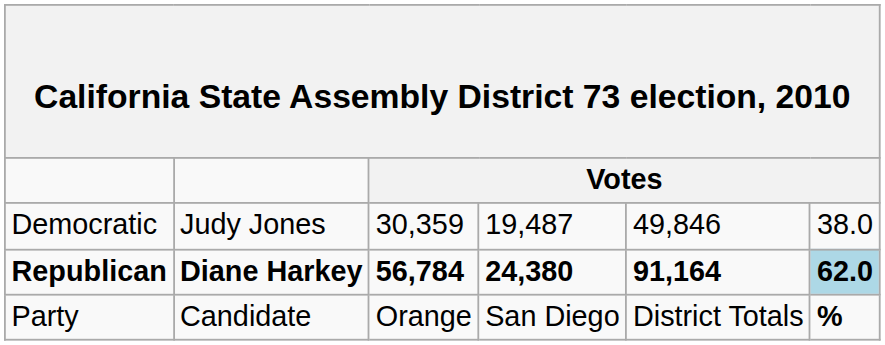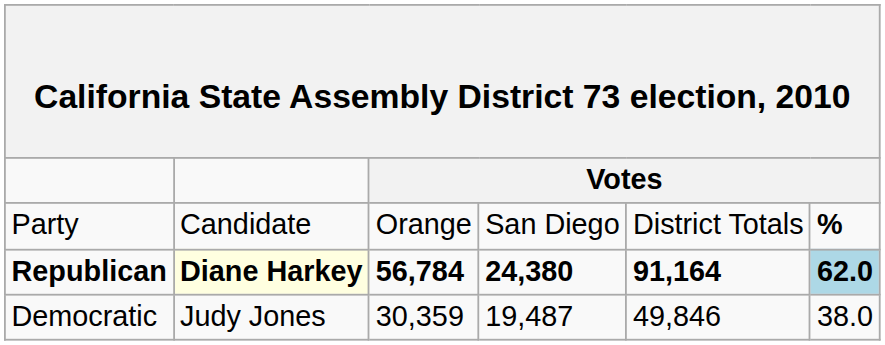 <table class="wikitable">
 <tr>
 <th colspan="6"><br><h3>California State Assembly District 73 election, 2010</h3></th>
 </tr>
 <tr>
 <td></td>
 <td></td>
 <th colspan="4">Votes</th>
 </tr>
 <tr>
+<td>Party</td>
+<td>Candidate</td>
+<td>Orange</td>
+<td>San Diego</td>
+<td>District Totals</td>
+<td><strong>%</strong></td>
+</tr>
+<tr>
+<td><strong>Republican</strong></td>
+<td style="background: lightyellow;"><strong>Diane Harkey</strong></td>
+<td><strong>56,784</strong></td>
+<td><strong>24,380</strong></td>
+<td><strong>91,164</strong></td>
+<td style="background: lightblue;"><strong>62.0</strong></td>
+</tr>
+<tr>
 <td>Democratic</td>
 <td>Judy Jones</td>
 <td>30,359</td>
 <td>19,487</td>
 <td>49,846</td>
 <td>38.0</td>
 </tr>
-<tr>
-<td><strong>Republican</strong></td>
-<td><strong>Diane Harkey</strong></td>
-<td><strong>56,784</strong></td>
-<td><strong>24,380</strong></td>
-<td><strong>91,164</strong></td>
-<td style="background: lightblue;"><strong>62.0</strong></td>
-</tr>
-<tr>
-<td>Party</td>
-<td>Candidate</td>
-<td>Orange</td>
-<td>San Diego</td>
-<td>District Totals</td>
-<td><strong>%</strong></td>
-</tr>
 </table>
